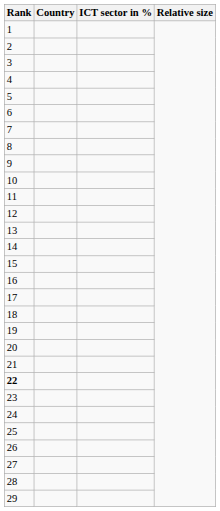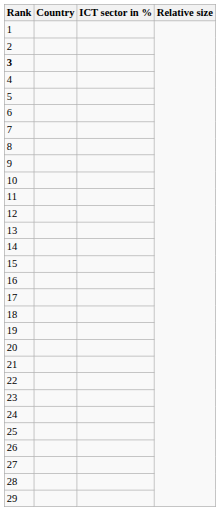 <table class="wikitable sortable">
 <tr>
 <th>Rank</th>
 <th>Country</th>
 <th>ICT sector in %</th>
 <th>Relative size</th>
 </tr>
 <tr>
 <td>1</td>
 <td></td>
 <td></td>
 </tr>
 <tr>
 <td>2</td>
 <td></td>
 <td></td>
 </tr>
 <tr>
-<td>3</td>
+<td><strong>3</strong></td>
 <td></td>
 <td></td>
 </tr>
 <tr>
 <td>4</td>
 <td></td>
 <td></td>
 </tr>
 <tr>
 <td>5</td>
 <td></td>
 <td></td>
 </tr>
 <tr>
 <td>6</td>
 <td></td>
 <td></td>
 </tr>
 <tr>
 <td>7</td>
 <td></td>
 <td></td>
 </tr>
 <tr>
 <td>8</td>
 <td></td>
 <td></td>
 </tr>
 <tr>
 <td>9</td>
 <td></td>
 <td></td>
 </tr>
 <tr>
 <td>10</td>
 <td></td>
 <td></td>
 </tr>
 <tr>
 <td>11</td>
 <td></td>
 <td></td>
 </tr>
 <tr>
 <td>12</td>
 <td></td>
 <td></td>
 </tr>
 <tr>
 <td>13</td>
 <td></td>
 <td></td>
 </tr>
 <tr>
 <td>14</td>
 <td></td>
 <td></td>
 </tr>
 <tr>
 <td>15</td>
 <td></td>
 <td></td>
 </tr>
 <tr>
 <td>16</td>
 <td></td>
 <td></td>
 </tr>
 <tr>
 <td>17</td>
 <td></td>
 <td></td>
 </tr>
 <tr>
 <td>18</td>
 <td></td>
 <td></td>
 </tr>
 <tr>
 <td>19</td>
 <td></td>
 <td></td>
 </tr>
 <tr>
 <td>20</td>
 <td></td>
 <td></td>
 </tr>
 <tr>
 <td>21</td>
 <td></td>
 <td></td>
 </tr>
 <tr>
-<td><strong>22</strong></td>
+<td>22</td>
 <td></td>
 <td></td>
 </tr>
 <tr>
 <td>23</td>
 <td></td>
 <td></td>
 </tr>
 <tr>
 <td>24</td>
 <td></td>
 <td></td>
 </tr>
 <tr>
 <td>25</td>
 <td></td>
 <td></td>
 </tr>
 <tr>
 <td>26</td>
 <td></td>
 <td></td>
 </tr>
 <tr>
 <td>27</td>
 <td></td>
 <td></td>
 </tr>
 <tr>
 <td>28</td>
 <td></td>
 <td></td>
 </tr>
 <tr>
 <td>29</td>
 <td></td>
 <td></td>
 </tr>
 </table>
